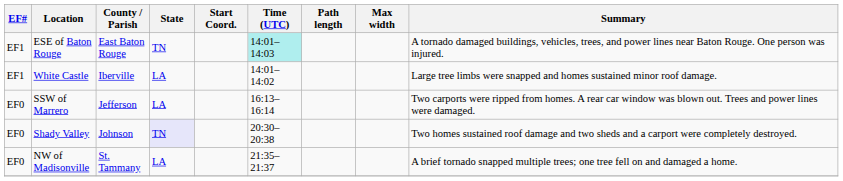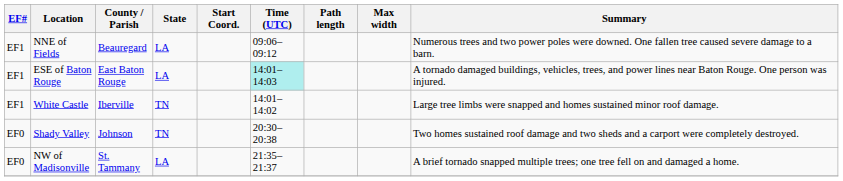 <table class="wikitable sortable" style="width:100%;">
 <tr>
 <th scope="col"  style="width:3%; text-align:center;"><a href='#'>EF#</a></th>
 <th scope="col"  style="width:7%; text-align:center;" class="unsortable">Location</th>
 <th scope="col"  style="width:6%; text-align:center;" class="unsortable">County / Parish</th>
 <th scope="col"  style="width:5%; text-align:center;">State</th>
 <th scope="col"  style="width:6%; text-align:center;">Start Coord.</th>
 <th scope="col"  style="width:6%; text-align:center;">Time (<a href='#'>UTC</a>)</th>
 <th scope="col"  style="width:6%; text-align:center;">Path length</th>
 <th scope="col"  style="width:6%; text-align:center;">Max width</th>
 <th scope="col" class="unsortable" style="width:48%; text-align:center;">Summary</th>
 </tr>
 <tr>
 <td>EF1</td>
+<td>NNE of <a href='#'>Fields</a></td>
+<td><a href='#'>Beauregard</a></td>
+<td><a href='#'>LA</a></td>
+<td></td>
+<td>09:06–09:12</td>
+<td></td>
+<td></td>
+<td>Numerous trees and two power poles were downed. One fallen tree caused severe damage to a barn.</td>
+</tr>
+<tr>
+<td>EF1</td>
 <td>ESE of <a href='#'>Baton Rouge</a></td>
 <td><a href='#'>East Baton Rouge</a></td>
-<td><a href='#'>TN</a></td>
+<td><a href='#'>LA</a></td>
 <td></td>
 <td style="background: paleturquoise;">14:01–14:03</td>
 <td></td>
 <td></td>
 <td>A tornado damaged buildings, vehicles, trees, and power lines near Baton Rouge. One person was injured.</td>
 </tr>
 <tr>
 <td>EF1</td>
 <td><a href='#'>White Castle</a></td>
 <td><a href='#'>Iberville</a></td>
-<td><a href='#'>LA</a></td>
+<td><a href='#'>TN</a></td>
 <td></td>
 <td>14:01–14:02</td>
 <td></td>
 <td></td>
 <td>Large tree limbs were snapped and homes sustained minor roof damage.</td>
 </tr>
 <tr>
 <td>EF0</td>
-<td>SSW of <a href='#'>Marrero</a></td>
-<td><a href='#'>Jefferson</a></td>
-<td><a href='#'>LA</a></td>
-<td></td>
-<td>16:13–16:14</td>
-<td></td>
-<td></td>
-<td>Two carports were ripped from homes. A rear car window was blown out. Trees and power lines were damaged.</td>
-</tr>
-<tr>
-<td>EF0</td>
 <td><a href='#'>Shady Valley</a></td>
 <td><a href='#'>Johnson</a></td>
-<td style="background: lavender;"><a href='#'>TN</a></td>
+<td><a href='#'>TN</a></td>
 <td></td>
 <td>20:30–20:38</td>
 <td></td>
 <td></td>
 <td>Two homes sustained roof damage and two sheds and a carport were completely destroyed.</td>
 </tr>
 <tr>
 <td>EF0</td>
 <td>NW of <a href='#'>Madisonville</a></td>
 <td><a href='#'>St. Tammany</a></td>
 <td><a href='#'>LA</a></td>
 <td></td>
 <td>21:35–21:37</td>
 <td></td>
 <td></td>
 <td>A brief tornado snapped multiple trees; one tree fell on and damaged a home.</td>
 </tr>
 <tr>
 </tr>
 </table>
